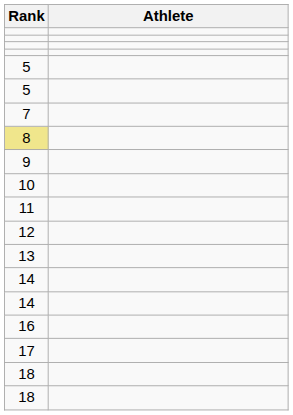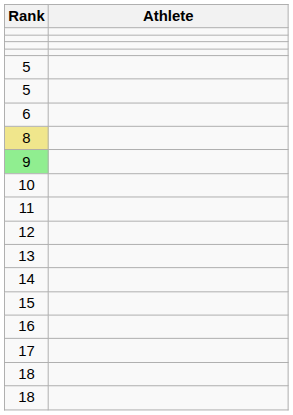 <table class="wikitable" style="text-align: center;">
 <tr>
 <th width=40>Rank</th>
 <th width=250>Athlete</th>
 </tr>
 <tr>
 <td></td>
 <td align="left"></td>
 </tr>
 <tr>
 <td></td>
 <td align="left"></td>
 </tr>
 <tr>
 <td></td>
 <td align="left"></td>
 </tr>
 <tr>
 <td></td>
 <td align="left"></td>
 </tr>
 <tr>
 <td>5</td>
 <td align="left"></td>
 </tr>
 <tr>
 <td>5</td>
 <td align="left"></td>
 </tr>
 <tr>
-<td>7</td>
+<td>6</td>
 <td align="left"></td>
 </tr>
 <tr>
 <td style="background: khaki;">8</td>
 <td align="left"></td>
 </tr>
 <tr>
-<td>9</td>
+<td style="background: lightgreen;">9</td>
 <td align="left"></td>
 </tr>
 <tr>
 <td>10</td>
 <td align="left"></td>
 </tr>
 <tr>
 <td>11</td>
 <td align="left"></td>
 </tr>
 <tr>
 <td>12</td>
 <td align="left"></td>
 </tr>
 <tr>
 <td>13</td>
 <td align="left"></td>
 </tr>
 <tr>
 <td>14</td>
 <td align="left"></td>
 </tr>
 <tr>
-<td>14</td>
+<td>15</td>
 <td align="left"></td>
 </tr>
 <tr>
 <td>16</td>
 <td align="left"></td>
 </tr>
 <tr>
 <td>17</td>
 <td align="left"></td>
 </tr>
 <tr>
 <td>18</td>
 <td align="left"></td>
 </tr>
 <tr>
 <td>18</td>
 <td align="left"></td>
 </tr>
 </table>
